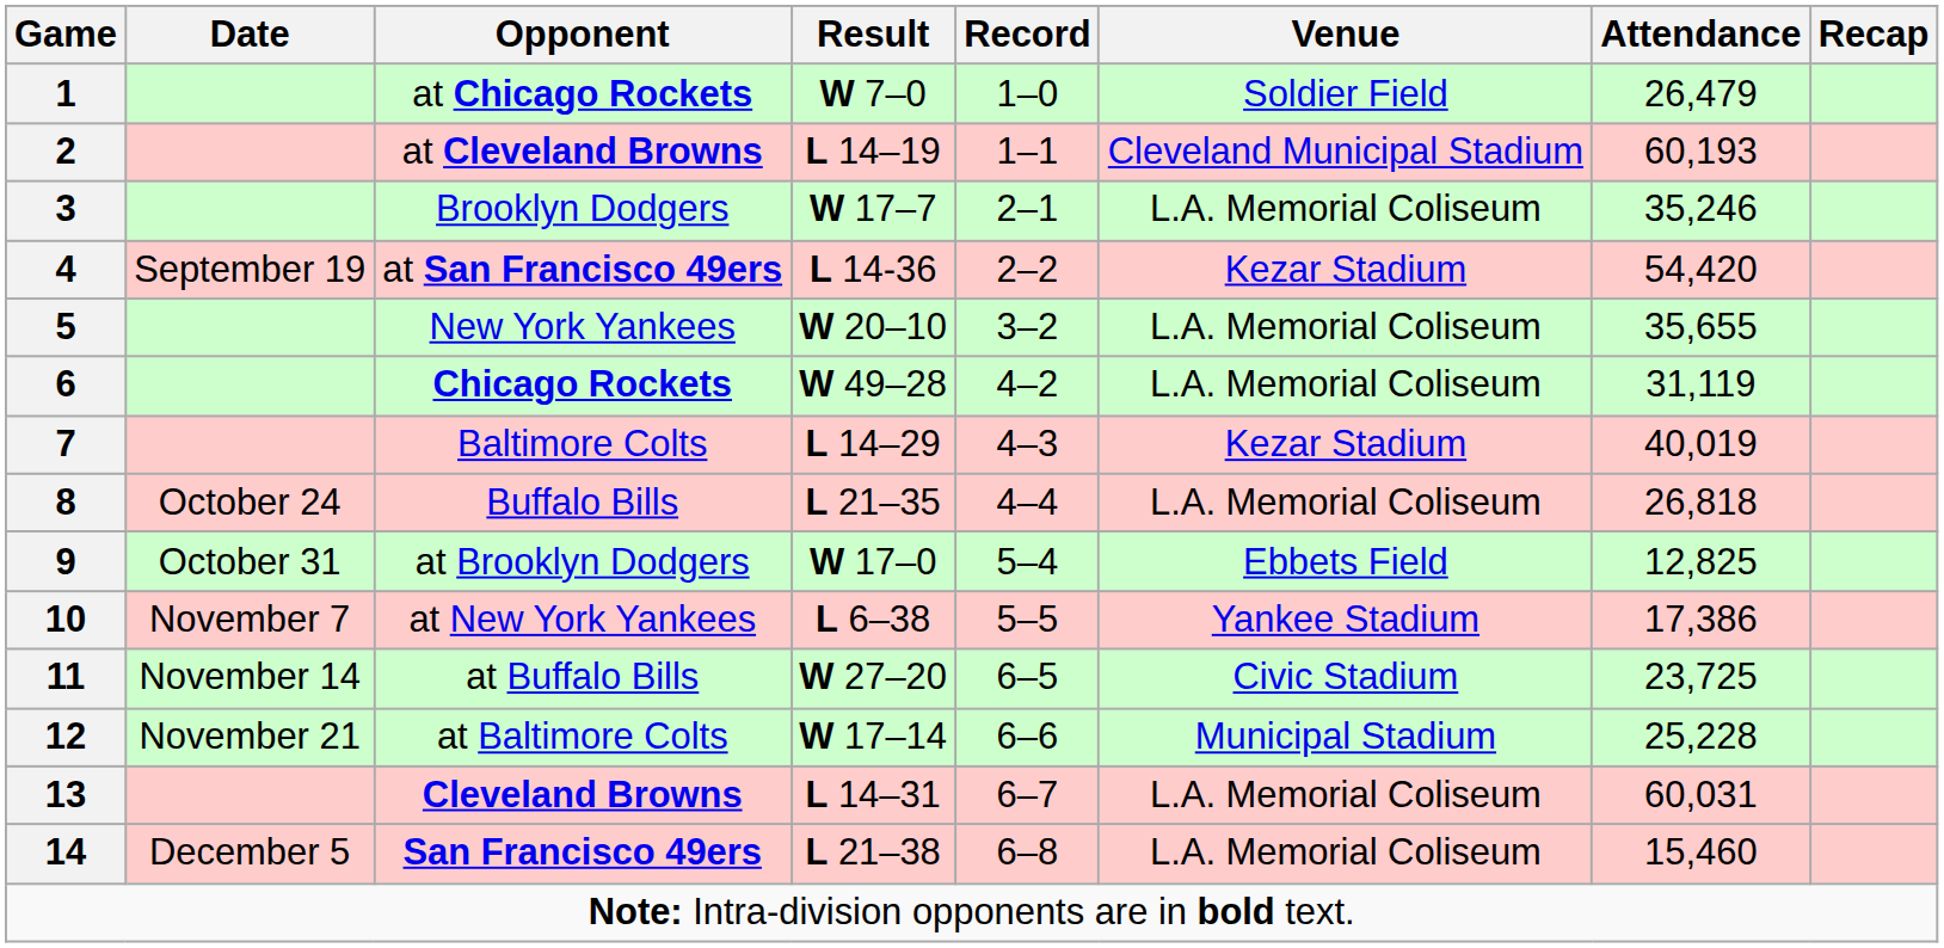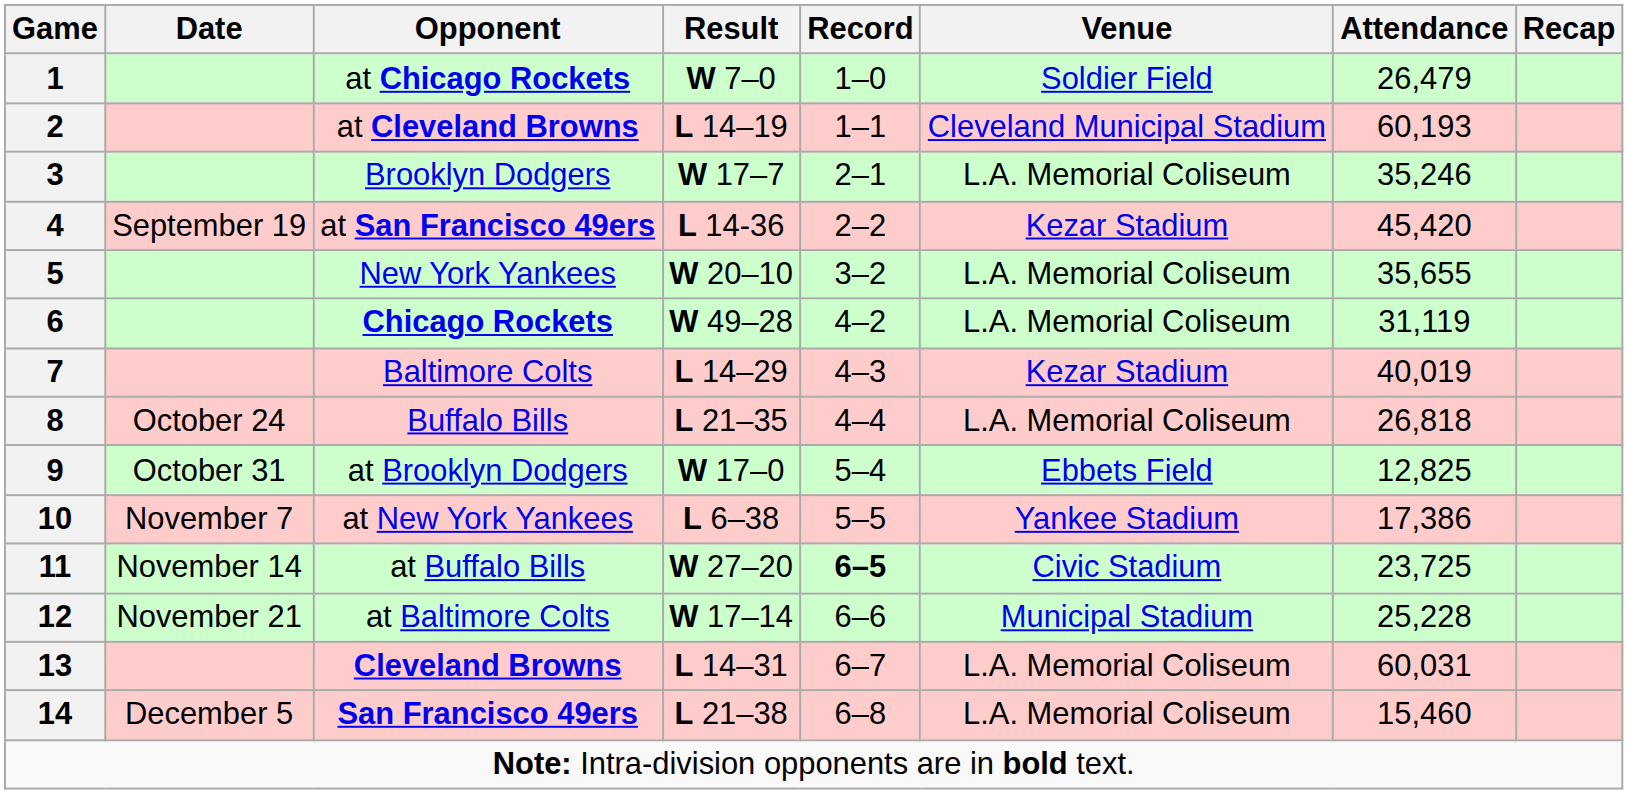 <table class="wikitable" style="text-align:center">
 <tr>
 <th>Game</th>
 <th>Date</th>
 <th>Opponent</th>
 <th>Result</th>
 <th>Record</th>
 <th>Venue</th>
 <th>Attendance</th>
 <th>Recap</th>
 </tr>
 <tr style="background:#cfc">
 <th>1</th>
 <td></td>
 <td>at <strong><a href='#'>Chicago Rockets</a></strong></td>
 <td><strong>W</strong> 7–0</td>
 <td>1–0</td>
 <td><a href='#'>Soldier Field</a></td>
 <td>26,479</td>
 <td></td>
 </tr>
 <tr style="background:#fcc">
 <th>2</th>
 <td></td>
 <td>at <strong><a href='#'>Cleveland Browns</a></strong></td>
 <td><strong>L</strong> 14–19</td>
 <td>1–1</td>
 <td><a href='#'>Cleveland Municipal Stadium</a></td>
 <td>60,193</td>
 <td></td>
 </tr>
 <tr style="background:#cfc">
 <th>3</th>
 <td></td>
 <td><a href='#'>Brooklyn Dodgers</a></td>
 <td><strong>W</strong> 17–7</td>
 <td>2–1</td>
 <td>L.A. Memorial Coliseum</td>
 <td>35,246</td>
 <td></td>
 </tr>
 <tr style="background:#fcc">
 <th>4</th>
 <td>September 19</td>
 <td>at <strong><a href='#'>San Francisco 49ers</a></strong></td>
 <td><strong>L</strong> 14-36</td>
 <td>2–2</td>
 <td><a href='#'>Kezar Stadium</a></td>
-<td>54,420</td>
+<td>45,420</td>
 <td></td>
 </tr>
 <tr style="background:#cfc">
 <th>5</th>
 <td></td>
 <td><a href='#'>New York Yankees</a></td>
 <td><strong>W</strong> 20–10</td>
 <td>3–2</td>
 <td>L.A. Memorial Coliseum</td>
 <td>35,655</td>
 <td></td>
 </tr>
 <tr style="background:#cfc">
 <th>6</th>
 <td></td>
 <td><strong><a href='#'>Chicago Rockets</a></strong></td>
 <td><strong>W</strong> 49–28</td>
 <td>4–2</td>
 <td>L.A. Memorial Coliseum</td>
 <td>31,119</td>
 <td></td>
 </tr>
 <tr style="background:#fcc">
 <th>7</th>
 <td></td>
 <td><a href='#'>Baltimore Colts</a></td>
 <td><strong>L</strong> 14–29</td>
 <td>4–3</td>
 <td><a href='#'>Kezar Stadium</a></td>
 <td>40,019</td>
 <td></td>
 </tr>
 <tr style="background:#fcc">
 <th>8</th>
 <td>October 24</td>
 <td><a href='#'>Buffalo Bills</a></td>
 <td><strong>L</strong> 21–35</td>
 <td>4–4</td>
 <td>L.A. Memorial Coliseum</td>
 <td>26,818</td>
 <td></td>
 </tr>
 <tr style="background:#cfc">
 <th>9</th>
 <td>October 31</td>
 <td>at <a href='#'>Brooklyn Dodgers</a></td>
 <td><strong>W</strong> 17–0</td>
 <td>5–4</td>
 <td><a href='#'>Ebbets Field</a></td>
 <td>12,825</td>
 <td></td>
 </tr>
 <tr style="background:#fcc">
 <th>10</th>
 <td>November 7</td>
 <td>at <a href='#'>New York Yankees</a></td>
 <td><strong>L</strong> 6–38</td>
 <td>5–5</td>
 <td><a href='#'>Yankee Stadium</a></td>
 <td>17,386</td>
 <td></td>
 </tr>
 <tr style="background:#cfc">
 <th>11</th>
 <td>November 14</td>
 <td>at <a href='#'>Buffalo Bills</a></td>
 <td><strong>W</strong> 27–20</td>
-<td>6–5</td>
+<td><strong>6–5</strong></td>
 <td><a href='#'>Civic Stadium</a></td>
 <td>23,725</td>
 <td></td>
 </tr>
 <tr style="background:#cfc">
 <th>12</th>
 <td>November 21</td>
 <td>at <a href='#'>Baltimore Colts</a></td>
 <td><strong>W</strong> 17–14</td>
 <td>6–6</td>
 <td><a href='#'>Municipal Stadium</a></td>
 <td>25,228</td>
 <td></td>
 </tr>
 <tr style="background:#fcc">
 <th>13</th>
 <td></td>
 <td><strong><a href='#'>Cleveland Browns</a></strong></td>
 <td><strong>L</strong> 14–31</td>
 <td>6–7</td>
 <td>L.A. Memorial Coliseum</td>
 <td>60,031</td>
 <td></td>
 </tr>
 <tr style="background:#fcc">
 <th>14</th>
 <td>December 5</td>
 <td><strong><a href='#'>San Francisco 49ers</a></strong></td>
 <td><strong>L</strong> 21–38</td>
 <td>6–8</td>
 <td>L.A. Memorial Coliseum</td>
 <td>15,460</td>
 <td></td>
 </tr>
 <tr>
 <td colspan="9"><strong>Note:</strong> Intra-division opponents are in <strong>bold</strong> text.</td>
 </tr>
 </table>
